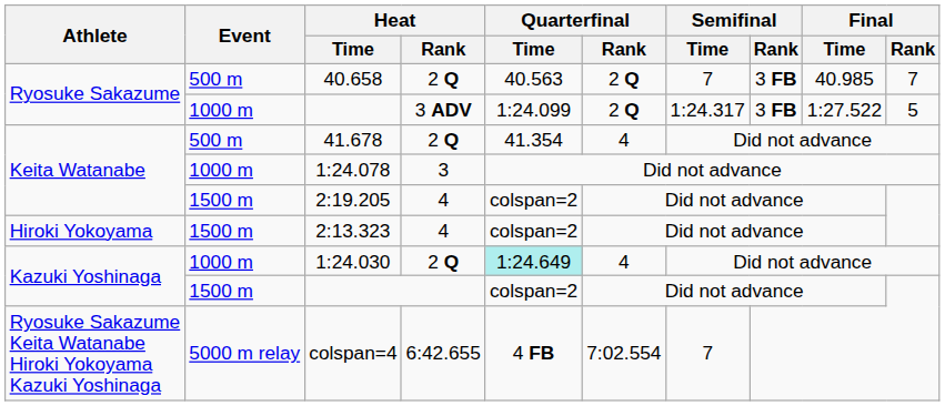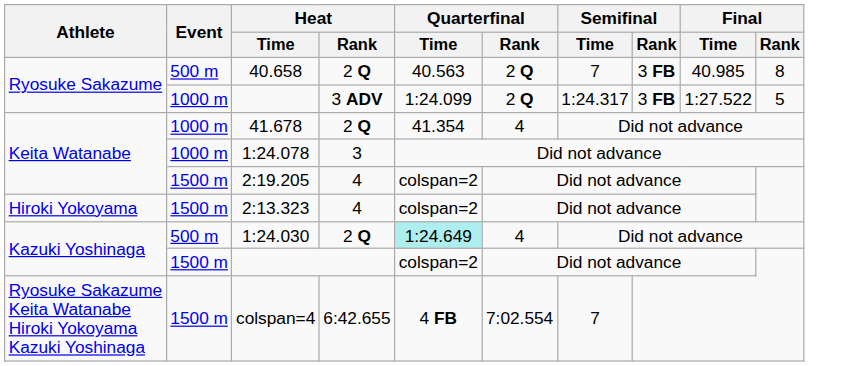 <table class="wikitable" style="font-size:90%">
 <tr>
 <th rowspan=2>Athlete</th>
 <th rowspan=2>Event</th>
 <th colspan=2>Heat</th>
 <th colspan=2>Quarterfinal</th>
 <th colspan=2>Semifinal</th>
 <th colspan=2>Final</th>
 </tr>
 <tr style="font-size:95%">
 <th>Time</th>
 <th>Rank</th>
 <th>Time</th>
 <th>Rank</th>
 <th>Time</th>
 <th>Rank</th>
 <th>Time</th>
 <th>Rank</th>
 </tr>
 <tr align=center>
 <td align=left rowspan=2><a href='#'>Ryosuke Sakazume</a></td>
 <td align=left><a href='#'>500 m</a></td>
 <td>40.658</td>
 <td>2 <strong>Q</strong></td>
 <td>40.563</td>
 <td>2 <strong>Q</strong></td>
 <td>7</td>
 <td>3 <strong>FB</strong></td>
 <td>40.985</td>
-<td>7</td>
+<td>8</td>
 </tr>
 <tr align=center>
 <td align=left><a href='#'>1000 m</a></td>
 <td></td>
 <td>3 <strong>ADV</strong></td>
 <td>1:24.099</td>
 <td>2 <strong>Q</strong></td>
 <td>1:24.317</td>
 <td>3 <strong>FB</strong></td>
 <td>1:27.522</td>
 <td>5</td>
 </tr>
 <tr align=center>
 <td align=left rowspan=3><a href='#'>Keita Watanabe</a></td>
-<td align=left><a href='#'>500 m</a></td>
+<td align=left><a href='#'>1000 m</a></td>
 <td>41.678</td>
 <td>2 <strong>Q</strong></td>
 <td>41.354</td>
 <td>4</td>
 <td colspan=4>Did not advance</td>
 </tr>
 <tr align=center>
 <td align=left><a href='#'>1000 m</a></td>
 <td>1:24.078</td>
 <td>3</td>
 <td colspan=6>Did not advance</td>
 </tr>
 <tr align=center>
 <td align=left><a href='#'>1500 m</a></td>
 <td>2:19.205</td>
 <td>4</td>
 <td>colspan=2 </td>
 <td colspan=4>Did not advance</td>
 </tr>
 <tr align=center>
 <td align=left><a href='#'>Hiroki Yokoyama</a></td>
 <td align=left><a href='#'>1500 m</a></td>
 <td>2:13.323</td>
 <td>4</td>
 <td>colspan=2 </td>
 <td colspan=4>Did not advance</td>
 </tr>
 <tr align=center>
 <td align=left rowspan=2><a href='#'>Kazuki Yoshinaga</a></td>
-<td align=left><a href='#'>1000 m</a></td>
+<td align=left><a href='#'>500 m</a></td>
 <td>1:24.030</td>
 <td>2 <strong>Q</strong></td>
 <td style="background: paleturquoise;">1:24.649</td>
 <td>4</td>
 <td colspan=4>Did not advance</td>
 </tr>
 <tr align=center>
 <td align=left><a href='#'>1500 m</a></td>
 <td colspan=2></td>
 <td>colspan=2 </td>
 <td colspan=4>Did not advance</td>
 </tr>
 <tr align=center>
 <td align=left><a href='#'>Ryosuke Sakazume</a><br><a href='#'>Keita Watanabe</a><br><a href='#'>Hiroki Yokoyama</a><br><a href='#'>Kazuki Yoshinaga</a></td>
-<td align=left><a href='#'>5000 m relay</a></td>
+<td align=left><a href='#'>1500 m</a></td>
 <td>colspan=4 </td>
 <td>6:42.655</td>
 <td>4 <strong>FB</strong></td>
 <td>7:02.554</td>
 <td>7</td>
 </tr>
 </table>
